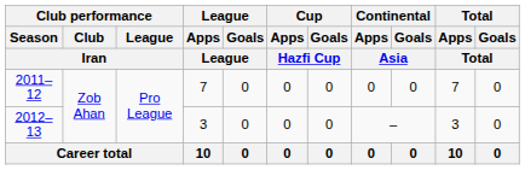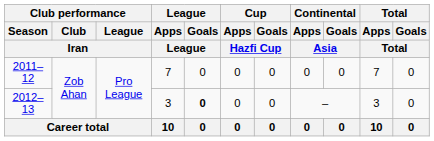 <table class="wikitable" style="text-align:center">
 <tr>
 <th colspan=3>Club performance</th>
 <th colspan=2>League</th>
 <th colspan=2>Cup</th>
 <th colspan=2>Continental</th>
 <th colspan=2>Total</th>
 </tr>
 <tr>
 <th>Season</th>
 <th>Club</th>
 <th>League</th>
 <th>Apps</th>
 <th>Goals</th>
 <th>Apps</th>
 <th>Goals</th>
 <th>Apps</th>
 <th>Goals</th>
 <th>Apps</th>
 <th>Goals</th>
 </tr>
 <tr>
 <th colspan=3>Iran</th>
 <th colspan=2>League</th>
 <th colspan=2><a href='#'>Hazfi Cup</a></th>
 <th colspan=2><a href='#'>Asia</a></th>
 <th colspan=2>Total</th>
 </tr>
 <tr>
 <td><a href='#'>2011–12</a></td>
 <td rowspan="2"><a href='#'>Zob Ahan</a></td>
 <td rowspan="2"><a href='#'>Pro League</a></td>
 <td>7</td>
 <td>0</td>
 <td>0</td>
 <td>0</td>
 <td>0</td>
 <td>0</td>
 <td>7</td>
 <td>0</td>
 </tr>
 <tr>
 <td><a href='#'>2012–13</a></td>
 <td>3</td>
-<td>0</td>
+<td><strong>0</strong></td>
 <td>0</td>
 <td>0</td>
 <td colspan="2">–</td>
 <td>3</td>
 <td>0</td>
 </tr>
 <tr>
 <th colspan=3>Career total</th>
 <th>10</th>
 <th>0</th>
 <th>0</th>
 <th>0</th>
 <th>0</th>
 <th>0</th>
 <th>10</th>
 <th>0</th>
 </tr>
 </table>
